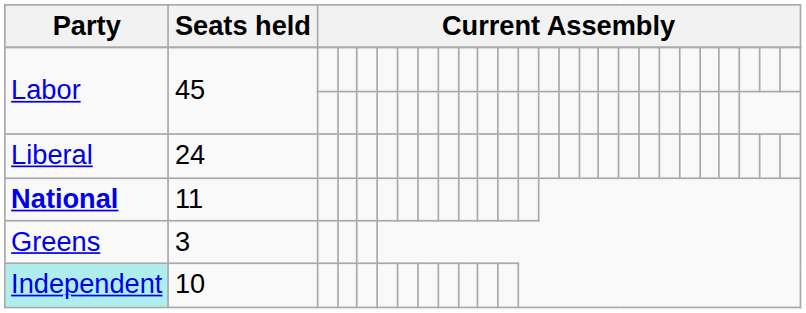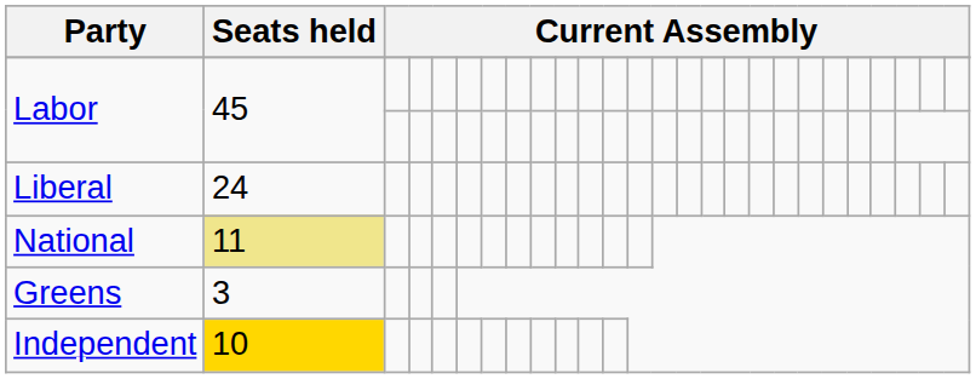 <table class="wikitable">
 <tr>
 <th rowspan=1>Party</th>
 <th colspan=1>Seats held</th>
 <th rowspan=1 colspan=46><strong>Current Assembly</strong></th>
 </tr>
 <tr>
 </tr>
 <tr>
 <td rowspan=2><a href='#'>Labor</a></td>
 <td rowspan=2>45</td>
 <td> </td>
 <td> </td>
 <td> </td>
 <td> </td>
 <td> </td>
 <td> </td>
 <td> </td>
 <td> </td>
 <td> </td>
 <td> </td>
 <td> </td>
 <td> </td>
 <td> </td>
 <td> </td>
 <td> </td>
 <td> </td>
 <td> </td>
 <td> </td>
 <td> </td>
 <td> </td>
 <td> </td>
 <td> </td>
 <td> </td>
 <td> </td>
 </tr>
 <tr>
 <td> </td>
 <td> </td>
 <td> </td>
 <td> </td>
 <td> </td>
 <td> </td>
 <td> </td>
 <td> </td>
 <td> </td>
 <td> </td>
 <td> </td>
 <td> </td>
 <td> </td>
 <td> </td>
 <td> </td>
 <td> </td>
 <td> </td>
 <td> </td>
 <td> </td>
 <td> </td>
 <td> </td>
 </tr>
 <tr>
 <td><a href='#'>Liberal</a></td>
 <td>24</td>
 <td> </td>
 <td> </td>
 <td> </td>
 <td> </td>
 <td> </td>
 <td> </td>
 <td> </td>
 <td> </td>
 <td> </td>
 <td> </td>
 <td> </td>
 <td> </td>
 <td> </td>
 <td> </td>
 <td> </td>
 <td> </td>
 <td> </td>
 <td> </td>
 <td> </td>
 <td> </td>
 <td> </td>
 <td> </td>
 <td> </td>
 <td> </td>
 </tr>
 <tr>
-<td><strong><a href='#'>National</a></strong></td>
-<td>11</td>
+<td><a href='#'>National</a></td>
+<td style="background: khaki;">11</td>
 <td> </td>
 <td> </td>
 <td> </td>
 <td> </td>
 <td> </td>
 <td> </td>
 <td> </td>
 <td> </td>
 <td> </td>
 <td> </td>
 <td> </td>
 </tr>
 <tr>
 <td><a href='#'>Greens</a></td>
 <td>3</td>
 <td> </td>
 <td> </td>
 <td> </td>
 </tr>
 <tr>
-<td style="background: paleturquoise;"><a href='#'>Independent</a></td>
-<td>10</td>
+<td><a href='#'>Independent</a></td>
+<td style="background: gold;">10</td>
 <td> </td>
 <td> </td>
 <td> </td>
 <td> </td>
 <td> </td>
 <td> </td>
 <td> </td>
 <td> </td>
 <td> </td>
 <td> </td>
 </tr>
 </table>
